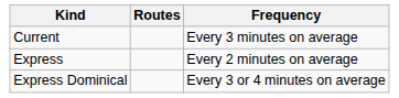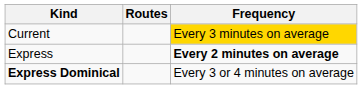 <table class="wikitable" style="margin:1em auto;">
 <tr>
 <th>Kind</th>
 <th>Routes</th>
 <th>Frequency</th>
 </tr>
 <tr>
 <td>Current</td>
 <td>  </td>
-<td>Every 3 minutes on average</td>
+<td style="background: gold;">Every 3 minutes on average</td>
 </tr>
 <tr>
 <td>Express</td>
 <td>  </td>
-<td>Every 2 minutes on average</td>
+<td><strong>Every 2 minutes on average</strong></td>
 </tr>
 <tr>
-<td>Express Dominical</td>
+<td><strong>Express Dominical</strong></td>
 <td></td>
 <td>Every 3 or 4 minutes on average</td>
 </tr>
 </table>
